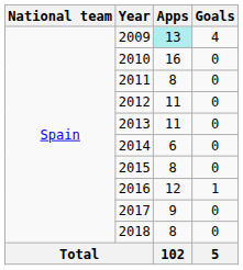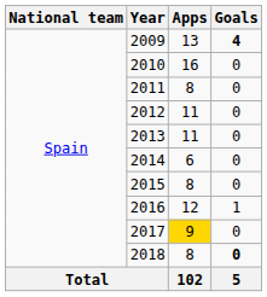 <table class="wikitable" style="text-align: center;">
 <tr>
 <th>National team</th>
 <th>Year</th>
 <th>Apps</th>
 <th>Goals</th>
 </tr>
 <tr>
 <td rowspan=10><a href='#'>Spain</a></td>
 <td>2009</td>
-<td style="background: paleturquoise;">13</td>
-<td>4</td>
+<td>13</td>
+<td><strong>4</strong></td>
 </tr>
 <tr>
 <td>2010</td>
 <td>16</td>
 <td>0</td>
 </tr>
 <tr>
 <td>2011</td>
 <td>8</td>
 <td>0</td>
 </tr>
 <tr>
 <td>2012</td>
 <td>11</td>
 <td>0</td>
 </tr>
 <tr>
 <td>2013</td>
 <td>11</td>
 <td>0</td>
 </tr>
 <tr>
 <td>2014</td>
 <td>6</td>
 <td>0</td>
 </tr>
 <tr>
 <td>2015</td>
 <td>8</td>
 <td>0</td>
 </tr>
 <tr>
 <td>2016</td>
 <td>12</td>
 <td>1</td>
 </tr>
 <tr>
 <td>2017</td>
-<td>9</td>
+<td style="background: gold;">9</td>
 <td>0</td>
 </tr>
 <tr>
 <td>2018</td>
 <td>8</td>
-<td>0</td>
+<td><strong>0</strong></td>
 </tr>
 <tr>
 <th colspan=2>Total</th>
 <th>102</th>
 <th>5</th>
 </tr>
 </table>
